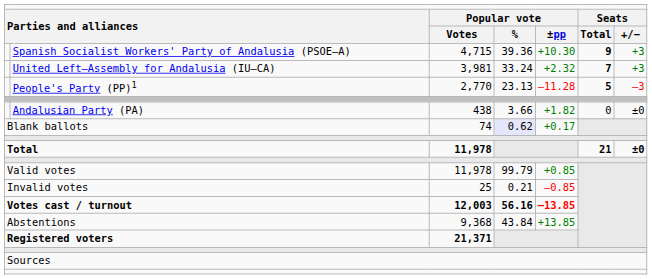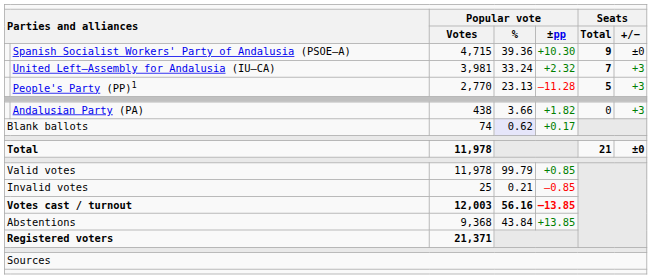 <table class="wikitable" style="text-align:right;">
 <tr>
 <td colspan="7"></td>
 </tr>
 <tr>
 <th style="text-align:left;" rowspan="2" colspan="2" width="525">Parties and alliances</th>
 <th colspan="3">Popular vote</th>
 <th colspan="2">Seats</th>
 </tr>
 <tr>
 <th width="75">Votes</th>
 <th width="45">%</th>
 <th width="45">±<a href='#'>pp</a></th>
 <th width="35">Total</th>
 <th width="35">+/−</th>
 </tr>
 <tr>
 <td width="1" style="color:inherit;background:"></td>
 <td align="left"><a href='#'>Spanish Socialist Workers' Party of Andalusia</a> (PSOE–A)</td>
 <td>4,715</td>
 <td>39.36</td>
 <td style="color:green;">+10.30</td>
 <td><strong>9</strong></td>
-<td style="color:green;">+3</td>
+<td>±0</td>
 </tr>
 <tr>
 <td style="color:inherit;background:"></td>
 <td align="left"><a href='#'>United Left–Assembly for Andalusia</a> (IU–CA)</td>
 <td>3,981</td>
 <td>33.24</td>
 <td style="color:green;">+2.32</td>
 <td><strong>7</strong></td>
 <td style="color:green;">+3</td>
 </tr>
 <tr>
 <td style="color:inherit;background:"></td>
 <td align="left"><a href='#'>People's Party</a> (PP)<sup>1</sup></td>
 <td>2,770</td>
 <td>23.13</td>
 <td style="color:red;">–11.28</td>
 <td><strong>5</strong></td>
-<td style="color:red;">–3</td>
+<td style="color:green;">+3</td>
 </tr>
 <tr>
 <td colspan="7" bgcolor="#C0C0C0"></td>
 </tr>
 <tr>
 <td style="color:inherit;background:"></td>
 <td align="left"><a href='#'>Andalusian Party</a> (PA)</td>
 <td>438</td>
 <td>3.66</td>
 <td style="color:green;">+1.82</td>
 <td>0</td>
-<td>±0</td>
+<td style="color:green;">+3</td>
 </tr>
 <tr>
 <td align="left" colspan="2">Blank ballots</td>
 <td>74</td>
 <td style="background: lavender;">0.62</td>
 <td style="color:green;">+0.17</td>
 <td bgcolor="#E9E9E9" colspan="2"></td>
 </tr>
 <tr>
 <td colspan="7" bgcolor="#E9E9E9"></td>
 </tr>
 <tr style="font-weight:bold;">
 <td align="left" colspan="2">Total</td>
 <td>11,978</td>
 <td bgcolor="#E9E9E9" colspan="2"></td>
 <td>21</td>
 <td>±0</td>
 </tr>
 <tr>
 <td colspan="7" bgcolor="#E9E9E9"></td>
 </tr>
 <tr>
 <td align="left" colspan="2">Valid votes</td>
 <td>11,978</td>
 <td>99.79</td>
 <td style="color:green;">+0.85</td>
 <td bgcolor="#E9E9E9" colspan="2" rowspan="5"></td>
 </tr>
 <tr>
 <td align="left" colspan="2">Invalid votes</td>
 <td>25</td>
 <td>0.21</td>
 <td style="color:red;">–0.85</td>
 </tr>
 <tr style="font-weight:bold;">
 <td align="left" colspan="2">Votes cast / turnout</td>
 <td>12,003</td>
 <td>56.16</td>
 <td style="color:red;">–13.85</td>
 </tr>
 <tr>
 <td align="left" colspan="2">Abstentions</td>
 <td>9,368</td>
 <td>43.84</td>
 <td style="color:green;">+13.85</td>
 </tr>
 <tr style="font-weight:bold;">
 <td align="left" colspan="2">Registered voters</td>
 <td>21,371</td>
 <td bgcolor="#E9E9E9" colspan="2"></td>
 </tr>
 <tr>
 <td colspan="7" bgcolor="#E9E9E9"></td>
 </tr>
 <tr>
 <td align="left" colspan="7">Sources</td>
 </tr>
 <tr>
 <td colspan="7" style="text-align:left; max-width:790px;"></td>
 </tr>
 </table>
